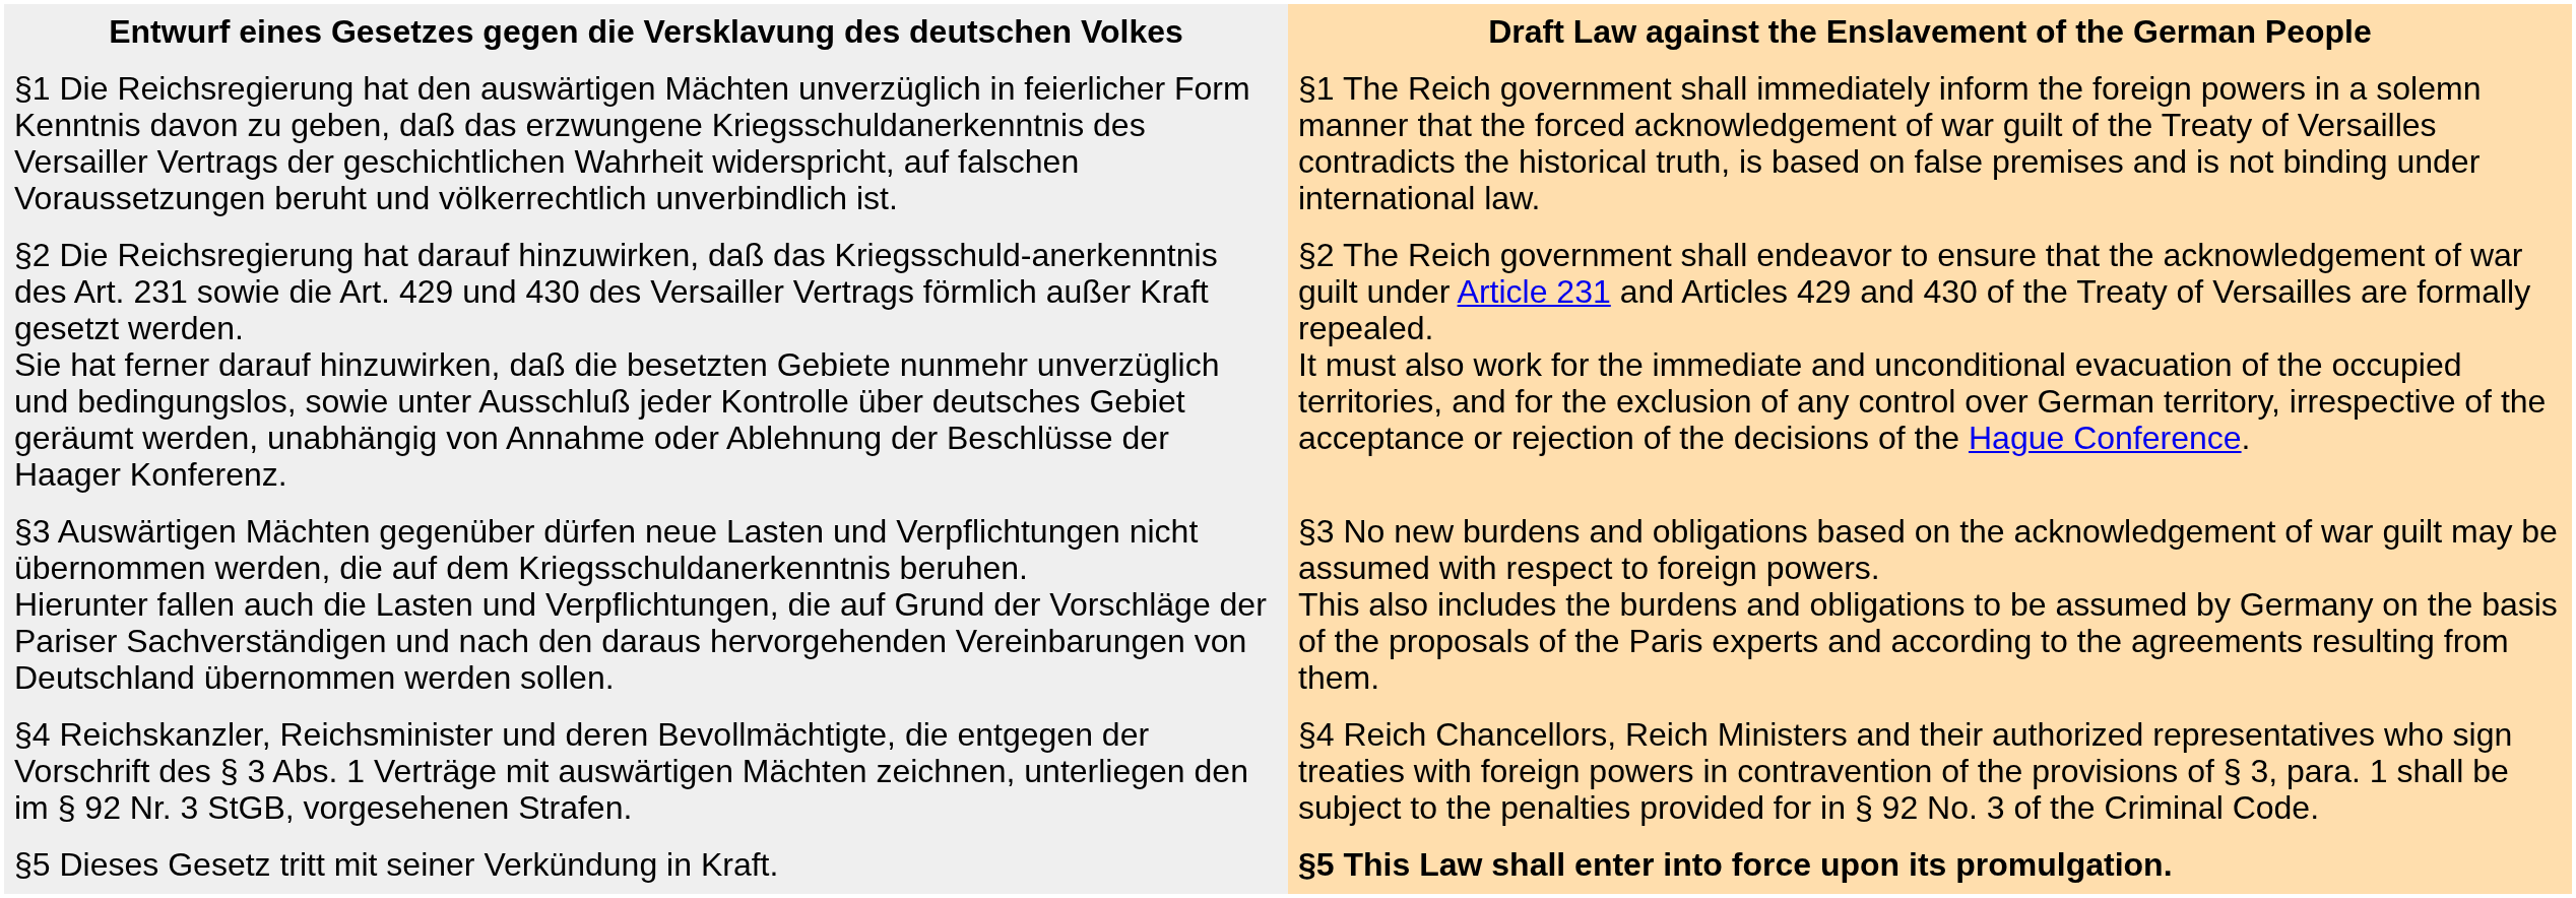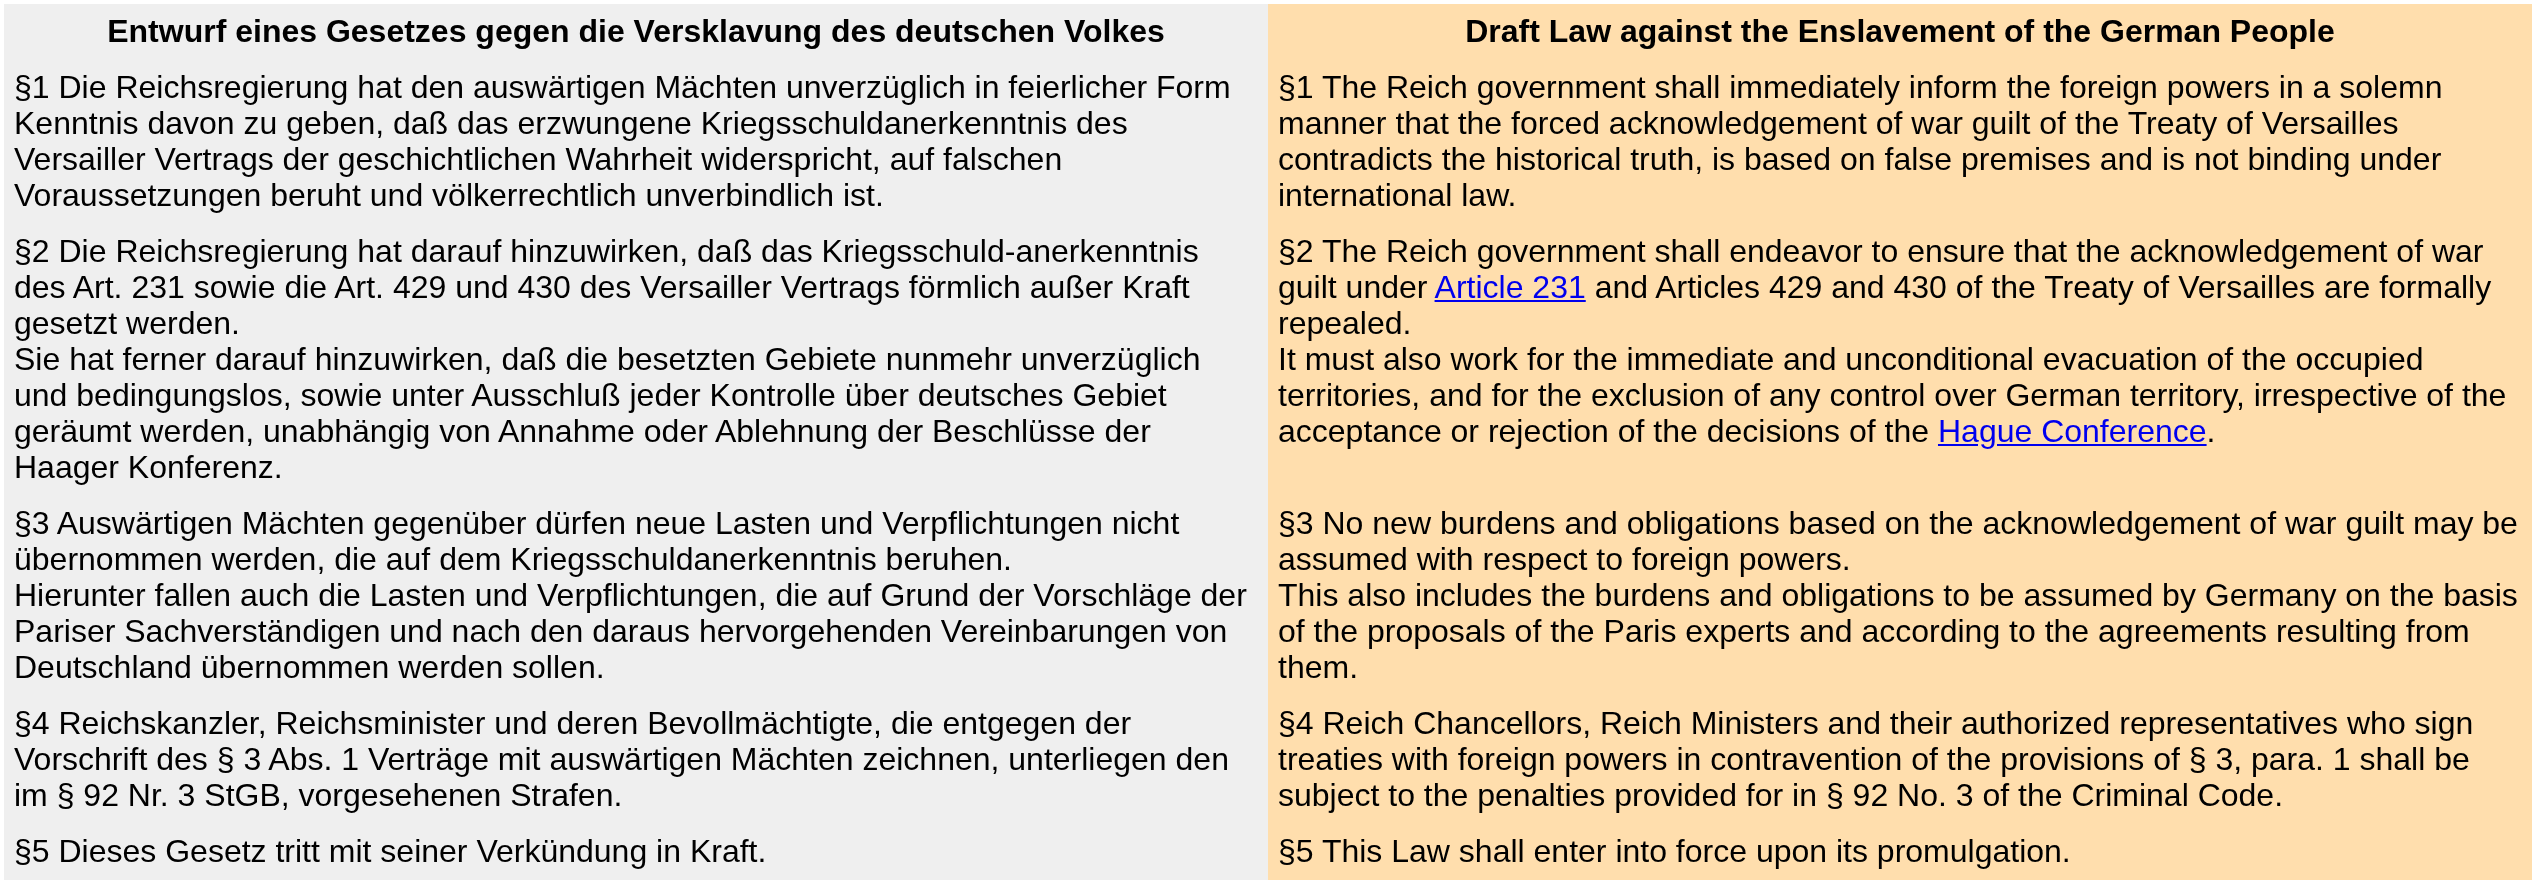 <table border="0" cellpadding="5" cellspacing="0">
 <tr>
 <td width="50%" style="background:#efefef;" valign="top" align="center"><strong>Entwurf eines Gesetzes gegen die Versklavung des deutschen Volkes</strong></td>
 <td width="50%" style="background:#ffdead;" valign="top" align="center"><strong>Draft Law against the Enslavement of the German People</strong></td>
 </tr>
 <tr>
 <td width="50%" style="background:#efefef;" valign="top">§1 Die Reichsregierung hat den auswärtigen Mächten unverzüglich in feierlicher Form Kenntnis davon zu geben, daß das erzwungene Kriegsschuldanerkenntnis des Versailler Vertrags der geschichtlichen Wahrheit widerspricht, auf falschen Voraussetzungen beruht und völkerrechtlich unverbindlich ist.</td>
 <td width="50%" style="background:#ffdead;" valign="top">§1 The Reich government shall immediately inform the foreign powers in a solemn manner that the forced acknowledgement of war guilt of the Treaty of Versailles contradicts the historical truth, is based on false premises and is not binding under international law.</td>
 </tr>
 <tr>
 <td width="50%" style="background:#efefef;" valign="top">§2 Die Reichsregierung hat darauf hinzuwirken, daß das Kriegsschuld-anerkenntnis des Art. 231 sowie die Art. 429 und 430 des Versailler Vertrags förmlich außer Kraft gesetzt werden.<br>Sie hat ferner darauf hinzuwirken, daß die besetzten Gebiete nunmehr unverzüglich und bedingungslos, sowie unter Ausschluß jeder Kontrolle über deutsches Gebiet geräumt werden, unabhängig von Annahme oder Ablehnung der Beschlüsse der Haager Konferenz.</td>
 <td width="50%" style="background:#ffdead;" valign="top">§2 The Reich government shall endeavor to ensure that the acknowledgement of war guilt under <a href='#'>Article 231</a> and Articles 429 and 430 of the Treaty of Versailles are formally repealed.<br>It must also work for the immediate and unconditional evacuation of the occupied territories, and for the exclusion of any control over German territory, irrespective of the acceptance or rejection of the decisions of the <a href='#'>Hague Conference</a>.</td>
 </tr>
 <tr>
 <td width="50%" style="background:#efefef;" valign="top">§3 Auswärtigen Mächten gegenüber dürfen neue Lasten und Verpflichtungen nicht übernommen werden, die auf dem Kriegsschuldanerkenntnis beruhen.<br>Hierunter fallen auch die Lasten und Verpflichtungen, die auf Grund der Vorschläge der Pariser Sachverständigen und nach den daraus hervorgehenden Vereinbarungen von Deutschland übernommen werden sollen.</td>
 <td width="50%" style="background:#ffdead;" valign="top">§3 No new burdens and obligations based on the acknowledgement of war guilt may be assumed with respect to foreign powers.<br>This also includes the burdens and obligations to be assumed by Germany on the basis of the proposals of the Paris experts and according to the agreements resulting from them.</td>
 </tr>
 <tr>
 <td width="50%" style="background:#efefef;" valign="top">§4 Reichskanzler, Reichsminister und deren Bevollmächtigte, die entgegen der Vorschrift des § 3 Abs. 1 Verträge mit auswärtigen Mächten zeichnen, unterliegen den im § 92 Nr. 3 StGB, vorgesehenen Strafen.</td>
 <td width="50%" style="background:#ffdead;" valign="top">§4 Reich Chancellors, Reich Ministers and their authorized representatives who sign treaties with foreign powers in contravention of the provisions of § 3, para. 1 shall be subject to the penalties provided for in § 92 No. 3 of the Criminal Code.</td>
 </tr>
 <tr>
 <td width="50%" style="background:#efefef;" valign="top">§5 Dieses Gesetz tritt mit seiner Verkündung in Kraft.</td>
-<td width="50%" style="background:#ffdead;" valign="top"><strong>§5 This Law shall enter into force upon its promulgation.</strong></td>
+<td width="50%" style="background:#ffdead;" valign="top">§5 This Law shall enter into force upon its promulgation.</td>
 </tr>
 </table>
